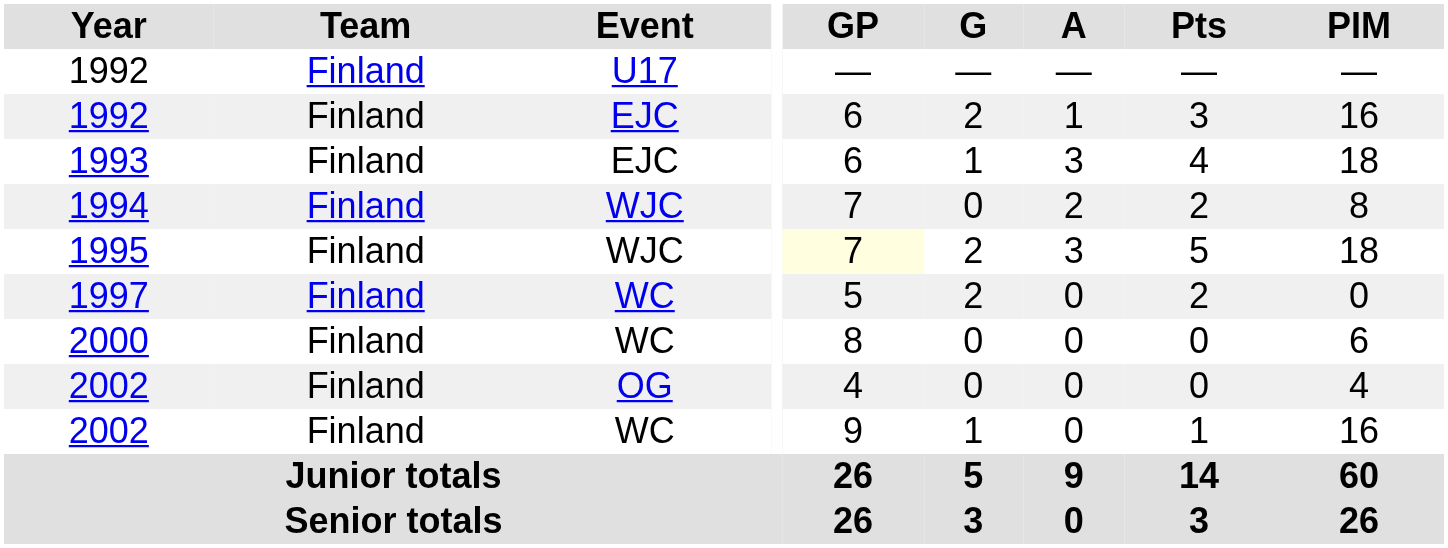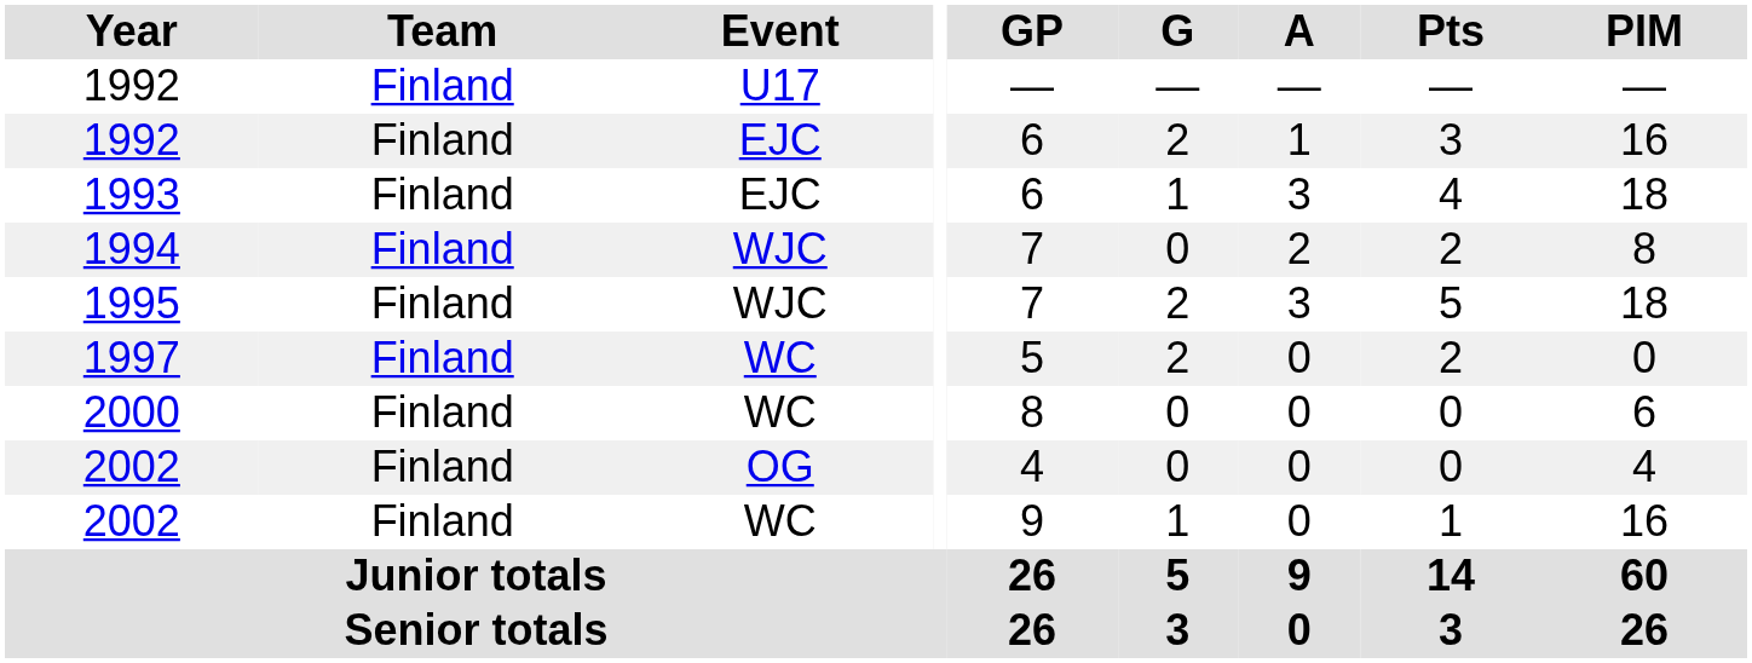 <table border="0" cellpadding="1" cellspacing="0" ID="Table3" style="text-align:center; width:40em">
 <tr bgcolor="#e0e0e0">
 <th>Year</th>
 <th>Team</th>
 <th>Event</th>
 <th rowspan="102" bgcolor="#ffffff"></th>
 <th>GP</th>
 <th>G</th>
 <th>A</th>
 <th>Pts</th>
 <th>PIM</th>
 </tr>
 <tr>
 <td>1992</td>
 <td><a href='#'>Finland</a></td>
 <td><a href='#'>U17</a></td>
 <td>—</td>
 <td>—</td>
 <td>—</td>
 <td>—</td>
 <td>—</td>
 </tr>
 <tr bgcolor="#f0f0f0">
 <td><a href='#'>1992</a></td>
 <td>Finland</td>
 <td><a href='#'>EJC</a></td>
 <td>6</td>
 <td>2</td>
 <td>1</td>
 <td>3</td>
 <td>16</td>
 </tr>
 <tr>
 <td><a href='#'>1993</a></td>
 <td>Finland</td>
 <td>EJC</td>
 <td>6</td>
 <td>1</td>
 <td>3</td>
 <td>4</td>
 <td>18</td>
 </tr>
 <tr bgcolor="#f0f0f0">
 <td><a href='#'>1994</a></td>
 <td><a href='#'>Finland</a></td>
 <td><a href='#'>WJC</a></td>
 <td>7</td>
 <td>0</td>
 <td>2</td>
 <td>2</td>
 <td>8</td>
 </tr>
 <tr>
 <td><a href='#'>1995</a></td>
 <td>Finland</td>
 <td>WJC</td>
-<td style="background: lightyellow;">7</td>
+<td>7</td>
 <td>2</td>
 <td>3</td>
 <td>5</td>
 <td>18</td>
 </tr>
 <tr bgcolor="#f0f0f0">
 <td><a href='#'>1997</a></td>
 <td><a href='#'>Finland</a></td>
 <td><a href='#'>WC</a></td>
 <td>5</td>
 <td>2</td>
 <td>0</td>
 <td>2</td>
 <td>0</td>
 </tr>
 <tr>
 <td><a href='#'>2000</a></td>
 <td>Finland</td>
 <td>WC</td>
 <td>8</td>
 <td>0</td>
 <td>0</td>
 <td>0</td>
 <td>6</td>
 </tr>
 <tr bgcolor="#f0f0f0">
 <td><a href='#'>2002</a></td>
 <td>Finland</td>
 <td><a href='#'>OG</a></td>
 <td>4</td>
 <td>0</td>
 <td>0</td>
 <td>0</td>
 <td>4</td>
 </tr>
 <tr>
 <td><a href='#'>2002</a></td>
 <td>Finland</td>
 <td>WC</td>
 <td>9</td>
 <td>1</td>
 <td>0</td>
 <td>1</td>
 <td>16</td>
 </tr>
 <tr bgcolor="#e0e0e0">
 <th colspan="4">Junior totals</th>
 <th>26</th>
 <th>5</th>
 <th>9</th>
 <th>14</th>
 <th>60</th>
 </tr>
 <tr bgcolor="#e0e0e0">
 <th colspan="4">Senior totals</th>
 <th>26</th>
 <th>3</th>
 <th>0</th>
 <th>3</th>
 <th>26</th>
 </tr>
 </table>
